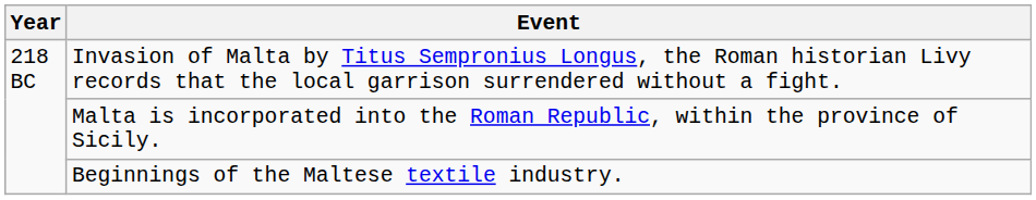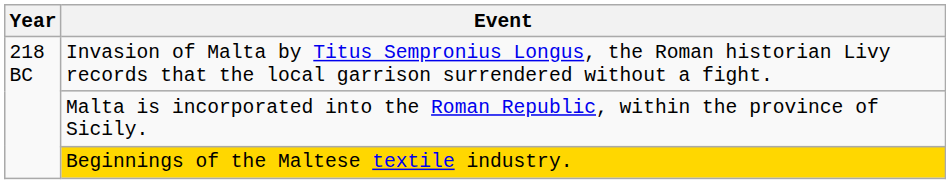 <table class="wikitable" width="100%">
 <tr>
 <th style="width:6%">Year</th>
 <th>Event</th>
 </tr>
 <tr>
 <td rowspan="3" valign="top">218 BC</td>
 <td>Invasion of Malta by <a href='#'>Titus Sempronius Longus</a>, the Roman historian Livy records that the local garrison surrendered without a fight.</td>
 </tr>
 <tr>
 <td>Malta is incorporated into the <a href='#'>Roman Republic</a>, within the province of Sicily.</td>
 </tr>
 <tr>
-<td>Beginnings of the Maltese <a href='#'>textile</a> industry.</td>
+<td style="background: gold;">Beginnings of the Maltese <a href='#'>textile</a> industry.</td>
 </tr>
 </table>
